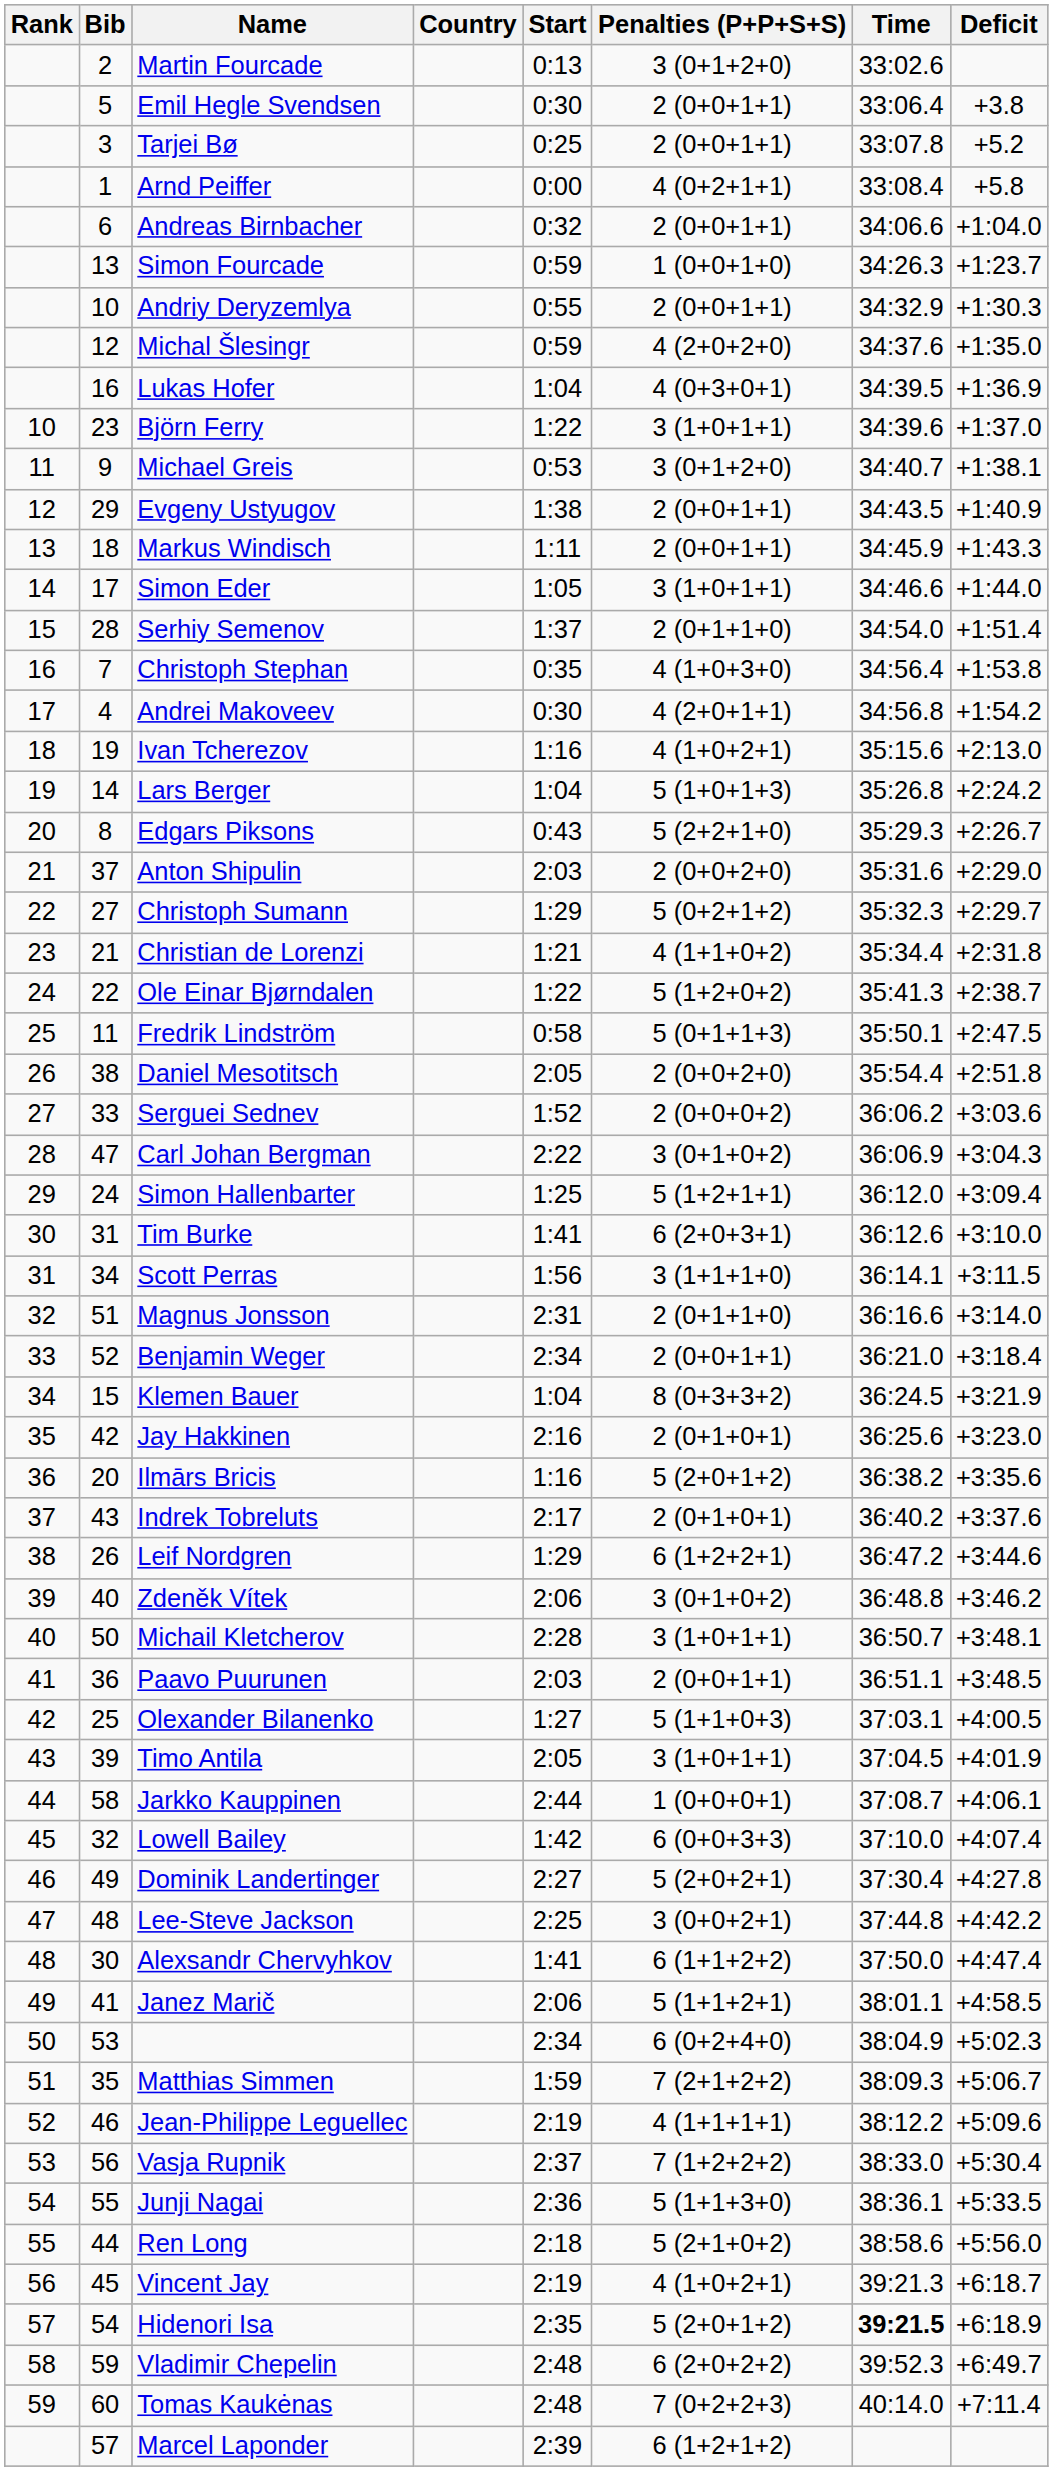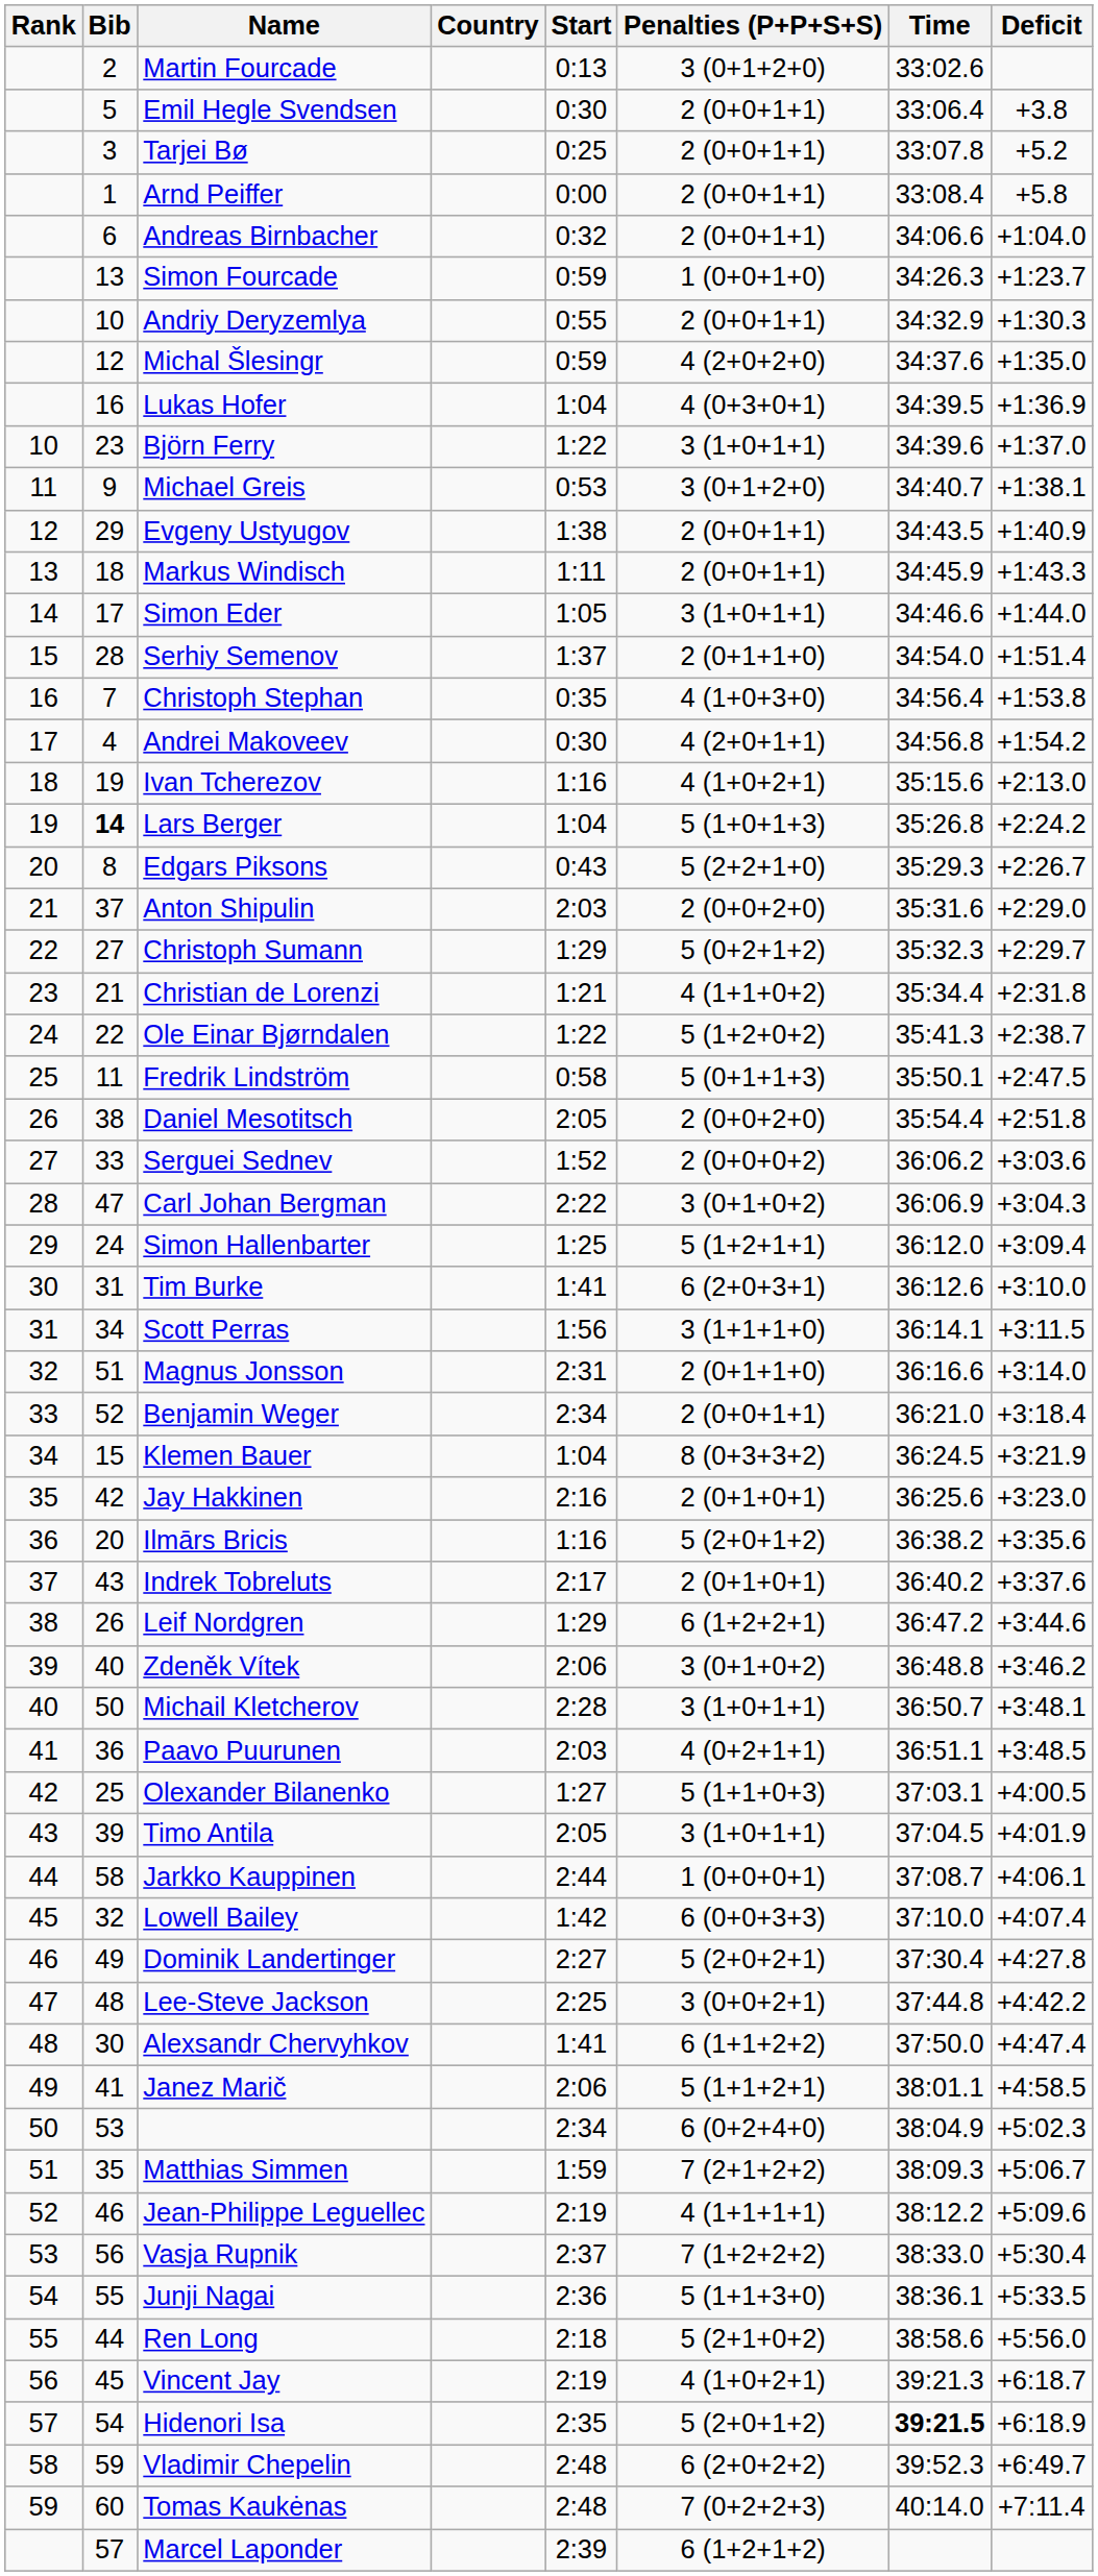 <table class="wikitable sortable" style="text-align:center">
 <tr>
 <th>Rank</th>
 <th>Bib</th>
 <th>Name</th>
 <th>Country</th>
 <th>Start</th>
 <th>Penalties  (P+P+S+S)</th>
 <th>Time</th>
 <th>Deficit</th>
 </tr>
 <tr>
 <td></td>
 <td>2</td>
 <td align=left><a href='#'>Martin Fourcade</a></td>
 <td align=left></td>
 <td>0:13</td>
 <td>3 (0+1+2+0)</td>
 <td>33:02.6</td>
 <td></td>
 </tr>
 <tr>
 <td></td>
 <td>5</td>
 <td align=left><a href='#'>Emil Hegle Svendsen</a></td>
 <td align=left></td>
 <td>0:30</td>
 <td>2 (0+0+1+1)</td>
 <td>33:06.4</td>
 <td>+3.8</td>
 </tr>
 <tr>
 <td></td>
 <td>3</td>
 <td align=left><a href='#'>Tarjei Bø</a></td>
 <td align=left></td>
 <td>0:25</td>
 <td>2 (0+0+1+1)</td>
 <td>33:07.8</td>
 <td>+5.2</td>
 </tr>
 <tr>
 <td></td>
 <td>1</td>
 <td align=left><a href='#'>Arnd Peiffer</a></td>
 <td align=left></td>
 <td>0:00</td>
-<td>4 (0+2+1+1)</td>
+<td>2 (0+0+1+1)</td>
 <td>33:08.4</td>
 <td>+5.8</td>
 </tr>
 <tr>
 <td></td>
 <td>6</td>
 <td align=left><a href='#'>Andreas Birnbacher</a></td>
 <td align=left></td>
 <td>0:32</td>
 <td>2 (0+0+1+1)</td>
 <td>34:06.6</td>
 <td>+1:04.0</td>
 </tr>
 <tr>
 <td></td>
 <td>13</td>
 <td align=left><a href='#'>Simon Fourcade</a></td>
 <td align=left></td>
 <td>0:59</td>
 <td>1 (0+0+1+0)</td>
 <td>34:26.3</td>
 <td>+1:23.7</td>
 </tr>
 <tr>
 <td></td>
 <td>10</td>
 <td align=left><a href='#'>Andriy Deryzemlya</a></td>
 <td align=left></td>
 <td>0:55</td>
 <td>2 (0+0+1+1)</td>
 <td>34:32.9</td>
 <td>+1:30.3</td>
 </tr>
 <tr>
 <td></td>
 <td>12</td>
 <td align=left><a href='#'>Michal Šlesingr</a></td>
 <td align=left></td>
 <td>0:59</td>
 <td>4 (2+0+2+0)</td>
 <td>34:37.6</td>
 <td>+1:35.0</td>
 </tr>
 <tr>
 <td></td>
 <td>16</td>
 <td align=left><a href='#'>Lukas Hofer</a></td>
 <td align=left></td>
 <td>1:04</td>
 <td>4 (0+3+0+1)</td>
 <td>34:39.5</td>
 <td>+1:36.9</td>
 </tr>
 <tr>
 <td>10</td>
 <td>23</td>
 <td align=left><a href='#'>Björn Ferry</a></td>
 <td align=left></td>
 <td>1:22</td>
 <td>3 (1+0+1+1)</td>
 <td>34:39.6</td>
 <td>+1:37.0</td>
 </tr>
 <tr>
 <td>11</td>
 <td>9</td>
 <td align=left><a href='#'>Michael Greis</a></td>
 <td align=left></td>
 <td>0:53</td>
 <td>3 (0+1+2+0)</td>
 <td>34:40.7</td>
 <td>+1:38.1</td>
 </tr>
 <tr>
 <td>12</td>
 <td>29</td>
 <td align=left><a href='#'>Evgeny Ustyugov</a></td>
 <td align=left></td>
 <td>1:38</td>
 <td>2 (0+0+1+1)</td>
 <td>34:43.5</td>
 <td>+1:40.9</td>
 </tr>
 <tr>
 <td>13</td>
 <td>18</td>
 <td align=left><a href='#'>Markus Windisch</a></td>
 <td align=left></td>
 <td>1:11</td>
 <td>2 (0+0+1+1)</td>
 <td>34:45.9</td>
 <td>+1:43.3</td>
 </tr>
 <tr>
 <td>14</td>
 <td>17</td>
 <td align=left><a href='#'>Simon Eder</a></td>
 <td align=left></td>
 <td>1:05</td>
 <td>3 (1+0+1+1)</td>
 <td>34:46.6</td>
 <td>+1:44.0</td>
 </tr>
 <tr>
 <td>15</td>
 <td>28</td>
 <td align=left><a href='#'>Serhiy Semenov</a></td>
 <td align=left></td>
 <td>1:37</td>
 <td>2 (0+1+1+0)</td>
 <td>34:54.0</td>
 <td>+1:51.4</td>
 </tr>
 <tr>
 <td>16</td>
 <td>7</td>
 <td align=left><a href='#'>Christoph Stephan</a></td>
 <td align=left></td>
 <td>0:35</td>
 <td>4 (1+0+3+0)</td>
 <td>34:56.4</td>
 <td>+1:53.8</td>
 </tr>
 <tr>
 <td>17</td>
 <td>4</td>
 <td align=left><a href='#'>Andrei Makoveev</a></td>
 <td align=left></td>
 <td>0:30</td>
 <td>4 (2+0+1+1)</td>
 <td>34:56.8</td>
 <td>+1:54.2</td>
 </tr>
 <tr>
 <td>18</td>
 <td>19</td>
 <td align=left><a href='#'>Ivan Tcherezov</a></td>
 <td align=left></td>
 <td>1:16</td>
 <td>4 (1+0+2+1)</td>
 <td>35:15.6</td>
 <td>+2:13.0</td>
 </tr>
 <tr>
 <td>19</td>
-<td>14</td>
+<td><strong>14</strong></td>
 <td align=left><a href='#'>Lars Berger</a></td>
 <td align=left></td>
 <td>1:04</td>
 <td>5 (1+0+1+3)</td>
 <td>35:26.8</td>
 <td>+2:24.2</td>
 </tr>
 <tr>
 <td>20</td>
 <td>8</td>
 <td align=left><a href='#'>Edgars Piksons</a></td>
 <td align=left></td>
 <td>0:43</td>
 <td>5 (2+2+1+0)</td>
 <td>35:29.3</td>
 <td>+2:26.7</td>
 </tr>
 <tr>
 <td>21</td>
 <td>37</td>
 <td align=left><a href='#'>Anton Shipulin</a></td>
 <td align=left></td>
 <td>2:03</td>
 <td>2 (0+0+2+0)</td>
 <td>35:31.6</td>
 <td>+2:29.0</td>
 </tr>
 <tr>
 <td>22</td>
 <td>27</td>
 <td align=left><a href='#'>Christoph Sumann</a></td>
 <td align=left></td>
 <td>1:29</td>
 <td>5 (0+2+1+2)</td>
 <td>35:32.3</td>
 <td>+2:29.7</td>
 </tr>
 <tr>
 <td>23</td>
 <td>21</td>
 <td align=left><a href='#'>Christian de Lorenzi</a></td>
 <td align=left></td>
 <td>1:21</td>
 <td>4 (1+1+0+2)</td>
 <td>35:34.4</td>
 <td>+2:31.8</td>
 </tr>
 <tr>
 <td>24</td>
 <td>22</td>
 <td align=left><a href='#'>Ole Einar Bjørndalen</a></td>
 <td align=left></td>
 <td>1:22</td>
 <td>5 (1+2+0+2)</td>
 <td>35:41.3</td>
 <td>+2:38.7</td>
 </tr>
 <tr>
 <td>25</td>
 <td>11</td>
 <td align=left><a href='#'>Fredrik Lindström</a></td>
 <td align=left></td>
 <td>0:58</td>
 <td>5 (0+1+1+3)</td>
 <td>35:50.1</td>
 <td>+2:47.5</td>
 </tr>
 <tr>
 <td>26</td>
 <td>38</td>
 <td align=left><a href='#'>Daniel Mesotitsch</a></td>
 <td align=left></td>
 <td>2:05</td>
 <td>2 (0+0+2+0)</td>
 <td>35:54.4</td>
 <td>+2:51.8</td>
 </tr>
 <tr>
 <td>27</td>
 <td>33</td>
 <td align=left><a href='#'>Serguei Sednev</a></td>
 <td align=left></td>
 <td>1:52</td>
 <td>2 (0+0+0+2)</td>
 <td>36:06.2</td>
 <td>+3:03.6</td>
 </tr>
 <tr>
 <td>28</td>
 <td>47</td>
 <td align=left><a href='#'>Carl Johan Bergman</a></td>
 <td align=left></td>
 <td>2:22</td>
 <td>3 (0+1+0+2)</td>
 <td>36:06.9</td>
 <td>+3:04.3</td>
 </tr>
 <tr>
 <td>29</td>
 <td>24</td>
 <td align=left><a href='#'>Simon Hallenbarter</a></td>
 <td align=left></td>
 <td>1:25</td>
 <td>5 (1+2+1+1)</td>
 <td>36:12.0</td>
 <td>+3:09.4</td>
 </tr>
 <tr>
 <td>30</td>
 <td>31</td>
 <td align=left><a href='#'>Tim Burke</a></td>
 <td align=left></td>
 <td>1:41</td>
 <td>6 (2+0+3+1)</td>
 <td>36:12.6</td>
 <td>+3:10.0</td>
 </tr>
 <tr>
 <td>31</td>
 <td>34</td>
 <td align=left><a href='#'>Scott Perras</a></td>
 <td align=left></td>
 <td>1:56</td>
 <td>3 (1+1+1+0)</td>
 <td>36:14.1</td>
 <td>+3:11.5</td>
 </tr>
 <tr>
 <td>32</td>
 <td>51</td>
 <td align=left><a href='#'>Magnus Jonsson</a></td>
 <td align=left></td>
 <td>2:31</td>
 <td>2 (0+1+1+0)</td>
 <td>36:16.6</td>
 <td>+3:14.0</td>
 </tr>
 <tr>
 <td>33</td>
 <td>52</td>
 <td align=left><a href='#'>Benjamin Weger</a></td>
 <td align=left></td>
 <td>2:34</td>
 <td>2 (0+0+1+1)</td>
 <td>36:21.0</td>
 <td>+3:18.4</td>
 </tr>
 <tr>
 <td>34</td>
 <td>15</td>
 <td align=left><a href='#'>Klemen Bauer</a></td>
 <td align=left></td>
 <td>1:04</td>
 <td>8 (0+3+3+2)</td>
 <td>36:24.5</td>
 <td>+3:21.9</td>
 </tr>
 <tr>
 <td>35</td>
 <td>42</td>
 <td align=left><a href='#'>Jay Hakkinen</a></td>
 <td align=left></td>
 <td>2:16</td>
 <td>2 (0+1+0+1)</td>
 <td>36:25.6</td>
 <td>+3:23.0</td>
 </tr>
 <tr>
 <td>36</td>
 <td>20</td>
 <td align=left><a href='#'>Ilmārs Bricis</a></td>
 <td align=left></td>
 <td>1:16</td>
 <td>5 (2+0+1+2)</td>
 <td>36:38.2</td>
 <td>+3:35.6</td>
 </tr>
 <tr>
 <td>37</td>
 <td>43</td>
 <td align=left><a href='#'>Indrek Tobreluts</a></td>
 <td align=left></td>
 <td>2:17</td>
 <td>2 (0+1+0+1)</td>
 <td>36:40.2</td>
 <td>+3:37.6</td>
 </tr>
 <tr>
 <td>38</td>
 <td>26</td>
 <td align=left><a href='#'>Leif Nordgren</a></td>
 <td align=left></td>
 <td>1:29</td>
 <td>6 (1+2+2+1)</td>
 <td>36:47.2</td>
 <td>+3:44.6</td>
 </tr>
 <tr>
 <td>39</td>
 <td>40</td>
 <td align=left><a href='#'>Zdeněk Vítek</a></td>
 <td align=left></td>
 <td>2:06</td>
 <td>3 (0+1+0+2)</td>
 <td>36:48.8</td>
 <td>+3:46.2</td>
 </tr>
 <tr>
 <td>40</td>
 <td>50</td>
 <td align=left><a href='#'>Michail Kletcherov</a></td>
 <td align=left></td>
 <td>2:28</td>
 <td>3 (1+0+1+1)</td>
 <td>36:50.7</td>
 <td>+3:48.1</td>
 </tr>
 <tr>
 <td>41</td>
 <td>36</td>
 <td align=left><a href='#'>Paavo Puurunen</a></td>
 <td align=left></td>
 <td>2:03</td>
-<td>2 (0+0+1+1)</td>
+<td>4 (0+2+1+1)</td>
 <td>36:51.1</td>
 <td>+3:48.5</td>
 </tr>
 <tr>
 <td>42</td>
 <td>25</td>
 <td align=left><a href='#'>Olexander Bilanenko</a></td>
 <td align=left></td>
 <td>1:27</td>
 <td>5 (1+1+0+3)</td>
 <td>37:03.1</td>
 <td>+4:00.5</td>
 </tr>
 <tr>
 <td>43</td>
 <td>39</td>
 <td align=left><a href='#'>Timo Antila</a></td>
 <td align=left></td>
 <td>2:05</td>
 <td>3 (1+0+1+1)</td>
 <td>37:04.5</td>
 <td>+4:01.9</td>
 </tr>
 <tr>
 <td>44</td>
 <td>58</td>
 <td align=left><a href='#'>Jarkko Kauppinen</a></td>
 <td align=left></td>
 <td>2:44</td>
 <td>1 (0+0+0+1)</td>
 <td>37:08.7</td>
 <td>+4:06.1</td>
 </tr>
 <tr>
 <td>45</td>
 <td>32</td>
 <td align=left><a href='#'>Lowell Bailey</a></td>
 <td align=left></td>
 <td>1:42</td>
 <td>6 (0+0+3+3)</td>
 <td>37:10.0</td>
 <td>+4:07.4</td>
 </tr>
 <tr>
 <td>46</td>
 <td>49</td>
 <td align=left><a href='#'>Dominik Landertinger</a></td>
 <td align=left></td>
 <td>2:27</td>
 <td>5 (2+0+2+1)</td>
 <td>37:30.4</td>
 <td>+4:27.8</td>
 </tr>
 <tr>
 <td>47</td>
 <td>48</td>
 <td align=left><a href='#'>Lee-Steve Jackson</a></td>
 <td align=left></td>
 <td>2:25</td>
 <td>3 (0+0+2+1)</td>
 <td>37:44.8</td>
 <td>+4:42.2</td>
 </tr>
 <tr>
 <td>48</td>
 <td>30</td>
 <td align=left><a href='#'>Alexsandr Chervyhkov</a></td>
 <td align=left></td>
 <td>1:41</td>
 <td>6 (1+1+2+2)</td>
 <td>37:50.0</td>
 <td>+4:47.4</td>
 </tr>
 <tr>
 <td>49</td>
 <td>41</td>
 <td align=left><a href='#'>Janez Marič</a></td>
 <td align=left></td>
 <td>2:06</td>
 <td>5 (1+1+2+1)</td>
 <td>38:01.1</td>
 <td>+4:58.5</td>
 </tr>
 <tr>
 <td>50</td>
 <td>53</td>
 <td align=left></td>
 <td align=left></td>
 <td>2:34</td>
 <td>6 (0+2+4+0)</td>
 <td>38:04.9</td>
 <td>+5:02.3</td>
 </tr>
 <tr>
 <td>51</td>
 <td>35</td>
 <td align=left><a href='#'>Matthias Simmen</a></td>
 <td align=left></td>
 <td>1:59</td>
 <td>7 (2+1+2+2)</td>
 <td>38:09.3</td>
 <td>+5:06.7</td>
 </tr>
 <tr>
 <td>52</td>
 <td>46</td>
 <td align=left><a href='#'>Jean-Philippe Leguellec</a></td>
 <td align=left></td>
 <td>2:19</td>
 <td>4 (1+1+1+1)</td>
 <td>38:12.2</td>
 <td>+5:09.6</td>
 </tr>
 <tr>
 <td>53</td>
 <td>56</td>
 <td align=left><a href='#'>Vasja Rupnik</a></td>
 <td align=left></td>
 <td>2:37</td>
 <td>7 (1+2+2+2)</td>
 <td>38:33.0</td>
 <td>+5:30.4</td>
 </tr>
 <tr>
 <td>54</td>
 <td>55</td>
 <td align=left><a href='#'>Junji Nagai</a></td>
 <td align=left></td>
 <td>2:36</td>
 <td>5 (1+1+3+0)</td>
 <td>38:36.1</td>
 <td>+5:33.5</td>
 </tr>
 <tr>
 <td>55</td>
 <td>44</td>
 <td align=left><a href='#'>Ren Long</a></td>
 <td align=left></td>
 <td>2:18</td>
 <td>5 (2+1+0+2)</td>
 <td>38:58.6</td>
 <td>+5:56.0</td>
 </tr>
 <tr>
 <td>56</td>
 <td>45</td>
 <td align=left><a href='#'>Vincent Jay</a></td>
 <td align=left></td>
 <td>2:19</td>
 <td>4 (1+0+2+1)</td>
 <td>39:21.3</td>
 <td>+6:18.7</td>
 </tr>
 <tr>
 <td>57</td>
 <td>54</td>
 <td align=left><a href='#'>Hidenori Isa</a></td>
 <td align=left></td>
 <td>2:35</td>
 <td>5 (2+0+1+2)</td>
 <td><strong>39:21.5</strong></td>
 <td>+6:18.9</td>
 </tr>
 <tr>
 <td>58</td>
 <td>59</td>
 <td align=left><a href='#'>Vladimir Chepelin</a></td>
 <td align=left></td>
 <td>2:48</td>
 <td>6 (2+0+2+2)</td>
 <td>39:52.3</td>
 <td>+6:49.7</td>
 </tr>
 <tr>
 <td>59</td>
 <td>60</td>
 <td align=left><a href='#'>Tomas Kaukėnas</a></td>
 <td align=left></td>
 <td>2:48</td>
 <td>7 (0+2+2+3)</td>
 <td>40:14.0</td>
 <td>+7:11.4</td>
 </tr>
 <tr>
 <td></td>
 <td>57</td>
 <td align=left><a href='#'>Marcel Laponder</a></td>
 <td align=left></td>
 <td>2:39</td>
 <td>6 (1+2+1+2)</td>
 <td></td>
 <td></td>
 </tr>
 </table>
